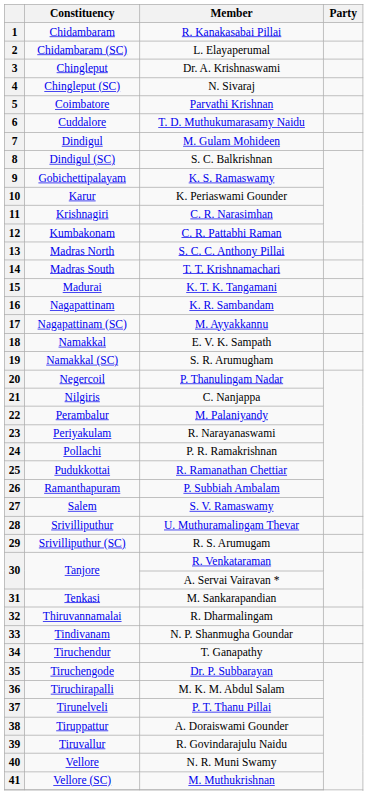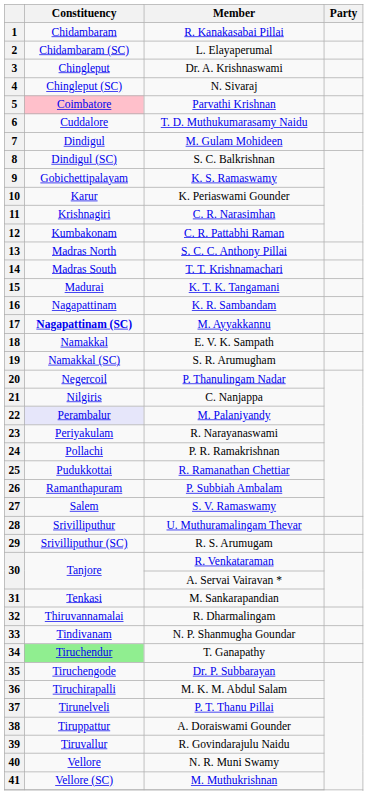 <table class="wikitable sortable" style="width:80%; text-align:center">
 <tr>
 <th></th>
 <th>Constituency</th>
 <th>Member</th>
 <th colspan="2" scope="col">Party</th>
 </tr>
 <tr>
 <th>1</th>
 <td><a href='#'>Chidambaram</a></td>
 <td><a href='#'>R. Kanakasabai Pillai</a></td>
 <td></td>
 </tr>
 <tr>
 <th>2</th>
 <td><a href='#'>Chidambaram (SC)</a></td>
 <td>L. Elayaperumal</td>
 </tr>
 <tr>
 <th>3</th>
 <td><a href='#'>Chingleput</a></td>
 <td>Dr. A. Krishnaswami</td>
 <td></td>
 </tr>
 <tr>
 <th>4</th>
 <td><a href='#'>Chingleput (SC)</a></td>
 <td>N. Sivaraj</td>
 </tr>
 <tr>
 <th>5</th>
-<td><a href='#'>Coimbatore</a></td>
+<td style="background: pink;"><a href='#'>Coimbatore</a></td>
 <td><a href='#'>Parvathi Krishnan</a></td>
 <td></td>
 </tr>
 <tr>
 <th>6</th>
 <td><a href='#'>Cuddalore</a></td>
 <td><a href='#'>T. D. Muthukumarasamy Naidu</a></td>
 <td></td>
 </tr>
 <tr>
 <th>7</th>
 <td><a href='#'>Dindigul</a></td>
 <td><a href='#'>M. Gulam Mohideen</a></td>
 <td></td>
 </tr>
 <tr>
 <th>8</th>
 <td><a href='#'>Dindigul (SC)</a></td>
 <td>S. C. Balkrishnan</td>
 </tr>
 <tr>
 <th>9</th>
 <td><a href='#'>Gobichettipalayam</a></td>
 <td><a href='#'>K. S. Ramaswamy</a></td>
 </tr>
 <tr>
 <th>10</th>
 <td><a href='#'>Karur</a></td>
 <td>K. Periaswami Gounder</td>
 </tr>
 <tr>
 <th>11</th>
 <td><a href='#'>Krishnagiri</a></td>
 <td><a href='#'>C. R. Narasimhan</a></td>
 </tr>
 <tr>
 <th>12</th>
 <td><a href='#'>Kumbakonam</a></td>
 <td><a href='#'>C. R. Pattabhi Raman</a></td>
 </tr>
 <tr>
 <th>13</th>
 <td><a href='#'>Madras North</a></td>
 <td><a href='#'>S. C. C. Anthony Pillai</a></td>
 <td></td>
 </tr>
 <tr>
 <th>14</th>
 <td><a href='#'>Madras South</a></td>
 <td><a href='#'>T. T. Krishnamachari</a></td>
 <td></td>
 </tr>
 <tr>
 <th>15</th>
 <td><a href='#'>Madurai</a></td>
 <td><a href='#'>K. T. K. Tangamani</a></td>
 <td></td>
 </tr>
 <tr>
 <th>16</th>
 <td><a href='#'>Nagapattinam</a></td>
 <td><a href='#'>K. R. Sambandam</a></td>
 <td></td>
 </tr>
 <tr>
 <th>17</th>
-<td><a href='#'>Nagapattinam (SC)</a></td>
+<td><strong><a href='#'>Nagapattinam (SC)</a></strong></td>
 <td><a href='#'>M. Ayyakkannu</a></td>
 </tr>
 <tr>
 <th>18</th>
 <td><a href='#'>Namakkal</a></td>
 <td>E. V. K. Sampath</td>
 <td></td>
 </tr>
 <tr>
 <th>19</th>
 <td><a href='#'>Namakkal (SC)</a></td>
 <td>S. R. Arumugham</td>
 <td></td>
 </tr>
 <tr>
 <th>20</th>
 <td><a href='#'>Negercoil</a></td>
 <td><a href='#'>P. Thanulingam Nadar</a></td>
 </tr>
 <tr>
 <th>21</th>
 <td><a href='#'>Nilgiris</a></td>
 <td>C. Nanjappa</td>
 </tr>
 <tr>
 <th>22</th>
-<td><a href='#'>Perambalur</a></td>
+<td style="background: lavender;"><a href='#'>Perambalur</a></td>
 <td><a href='#'>M. Palaniyandy</a></td>
 </tr>
 <tr>
 <th>23</th>
 <td><a href='#'>Periyakulam</a></td>
 <td>R. Narayanaswami</td>
 </tr>
 <tr>
 <th>24</th>
 <td><a href='#'>Pollachi</a></td>
 <td>P. R. Ramakrishnan</td>
 </tr>
 <tr>
 <th>25</th>
 <td><a href='#'>Pudukkottai</a></td>
 <td><a href='#'>R. Ramanathan Chettiar</a></td>
 </tr>
 <tr>
 <th>26</th>
 <td><a href='#'>Ramanthapuram</a></td>
 <td><a href='#'>P. Subbiah Ambalam</a></td>
 </tr>
 <tr>
 <th>27</th>
 <td><a href='#'>Salem</a></td>
 <td><a href='#'>S. V. Ramaswamy</a></td>
 </tr>
 <tr>
 <th>28</th>
 <td><a href='#'>Srivilliputhur</a></td>
 <td><a href='#'>U. Muthuramalingam Thevar</a></td>
 <td></td>
 </tr>
 <tr>
 <th>29</th>
 <td><a href='#'>Srivilliputhur (SC)</a></td>
 <td>R. S. Arumugam</td>
 <td></td>
 </tr>
 <tr>
 <th rowspan="2">30</th>
 <td rowspan="2"><a href='#'>Tanjore</a></td>
 <td><a href='#'>R. Venkataraman</a></td>
 </tr>
 <tr>
 <td>A. Servai Vairavan *</td>
 </tr>
 <tr>
 <th>31</th>
 <td><a href='#'>Tenkasi</a></td>
 <td>M. Sankarapandian</td>
 </tr>
 <tr>
 <th>32</th>
 <td><a href='#'>Thiruvannamalai</a></td>
 <td>R. Dharmalingam</td>
 <td></td>
 </tr>
 <tr>
 <th>33</th>
 <td><a href='#'>Tindivanam</a></td>
 <td>N. P. Shanmugha Goundar</td>
 <td></td>
 </tr>
 <tr>
 <th>34</th>
-<td><a href='#'>Tiruchendur</a></td>
+<td style="background: lightgreen;"><a href='#'>Tiruchendur</a></td>
 <td>T. Ganapathy</td>
 <td></td>
 </tr>
 <tr>
 <th>35</th>
 <td><a href='#'>Tiruchengode</a></td>
 <td><a href='#'>Dr. P. Subbarayan</a></td>
 </tr>
 <tr>
 <th>36</th>
 <td><a href='#'>Tiruchirapalli</a></td>
 <td>M. K. M. Abdul Salam</td>
 </tr>
 <tr>
 <th>37</th>
 <td><a href='#'>Tirunelveli</a></td>
 <td><a href='#'>P. T. Thanu Pillai</a></td>
 </tr>
 <tr>
 <th>38</th>
 <td><a href='#'>Tiruppattur</a></td>
 <td>A. Doraiswami Gounder</td>
 </tr>
 <tr>
 <th>39</th>
 <td><a href='#'>Tiruvallur</a></td>
 <td>R. Govindarajulu Naidu</td>
 </tr>
 <tr>
 <th>40</th>
 <td><a href='#'>Vellore</a></td>
 <td>N. R. Muni Swamy</td>
 </tr>
 <tr>
 <th>41</th>
 <td><a href='#'>Vellore (SC)</a></td>
 <td><a href='#'>M. Muthukrishnan</a></td>
 </tr>
 <tr>
 </tr>
 </table>
